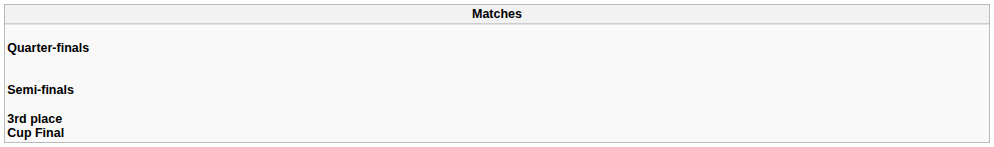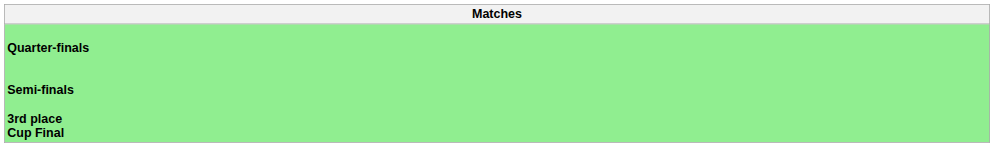 <table class="wikitable collapsible collapsed" style="width:100%;">
 <tr>
 <th>Matches</th>
 </tr>
 <tr>
-<td><br><strong>Quarter-finals</strong> <br> <br><br><strong>Semi-finals</strong> <br><br><strong>3rd place</strong> <br><strong>Cup Final</strong> </td>
+<td style="background: lightgreen;"><br><strong>Quarter-finals</strong> <br> <br><br><strong>Semi-finals</strong> <br><br><strong>3rd place</strong> <br><strong>Cup Final</strong> </td>
 </tr>
 </table>
